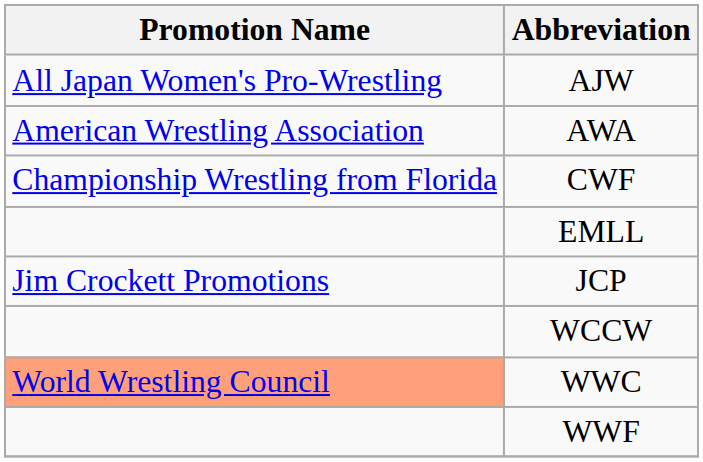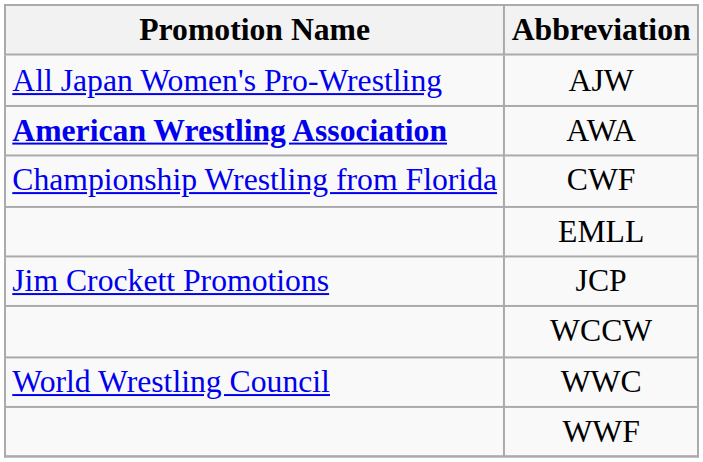 <table class="wikitable">
 <tr>
 <th>Promotion Name</th>
 <th>Abbreviation</th>
 </tr>
 <tr>
 <td><a href='#'>All Japan Women's Pro-Wrestling</a></td>
 <td align=center>AJW</td>
 </tr>
 <tr>
-<td><a href='#'>American Wrestling Association</a></td>
+<td><strong><a href='#'>American Wrestling Association</a></strong></td>
 <td align=center>AWA</td>
 </tr>
 <tr>
 <td><a href='#'>Championship Wrestling from Florida</a></td>
 <td align=center>CWF</td>
 </tr>
 <tr>
 <td></td>
 <td align=center>EMLL</td>
 </tr>
 <tr>
 <td><a href='#'>Jim Crockett Promotions</a></td>
 <td align=center>JCP</td>
 </tr>
 <tr>
 <td></td>
 <td align=center>WCCW</td>
 </tr>
 <tr>
-<td style="background: lightsalmon;"><a href='#'>World Wrestling Council</a></td>
+<td><a href='#'>World Wrestling Council</a></td>
 <td align=center>WWC</td>
 </tr>
 <tr>
 <td></td>
 <td align=center>WWF</td>
 </tr>
 <tr>
 </tr>
 </table>
